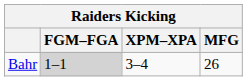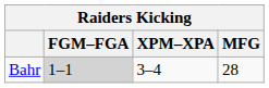 <table class="wikitable">
 <tr>
 <th colspan="4">Raiders Kicking</th>
 </tr>
 <tr>
 <th></th>
 <th>FGM–FGA</th>
 <th>XPM–XPA</th>
 <th>MFG</th>
 </tr>
 <tr>
 <td><a href='#'>Bahr</a></td>
 <td style="background: lightgrey;">1–1</td>
 <td>3–4</td>
-<td>26</td>
+<td>28</td>
 </tr>
 </table>
